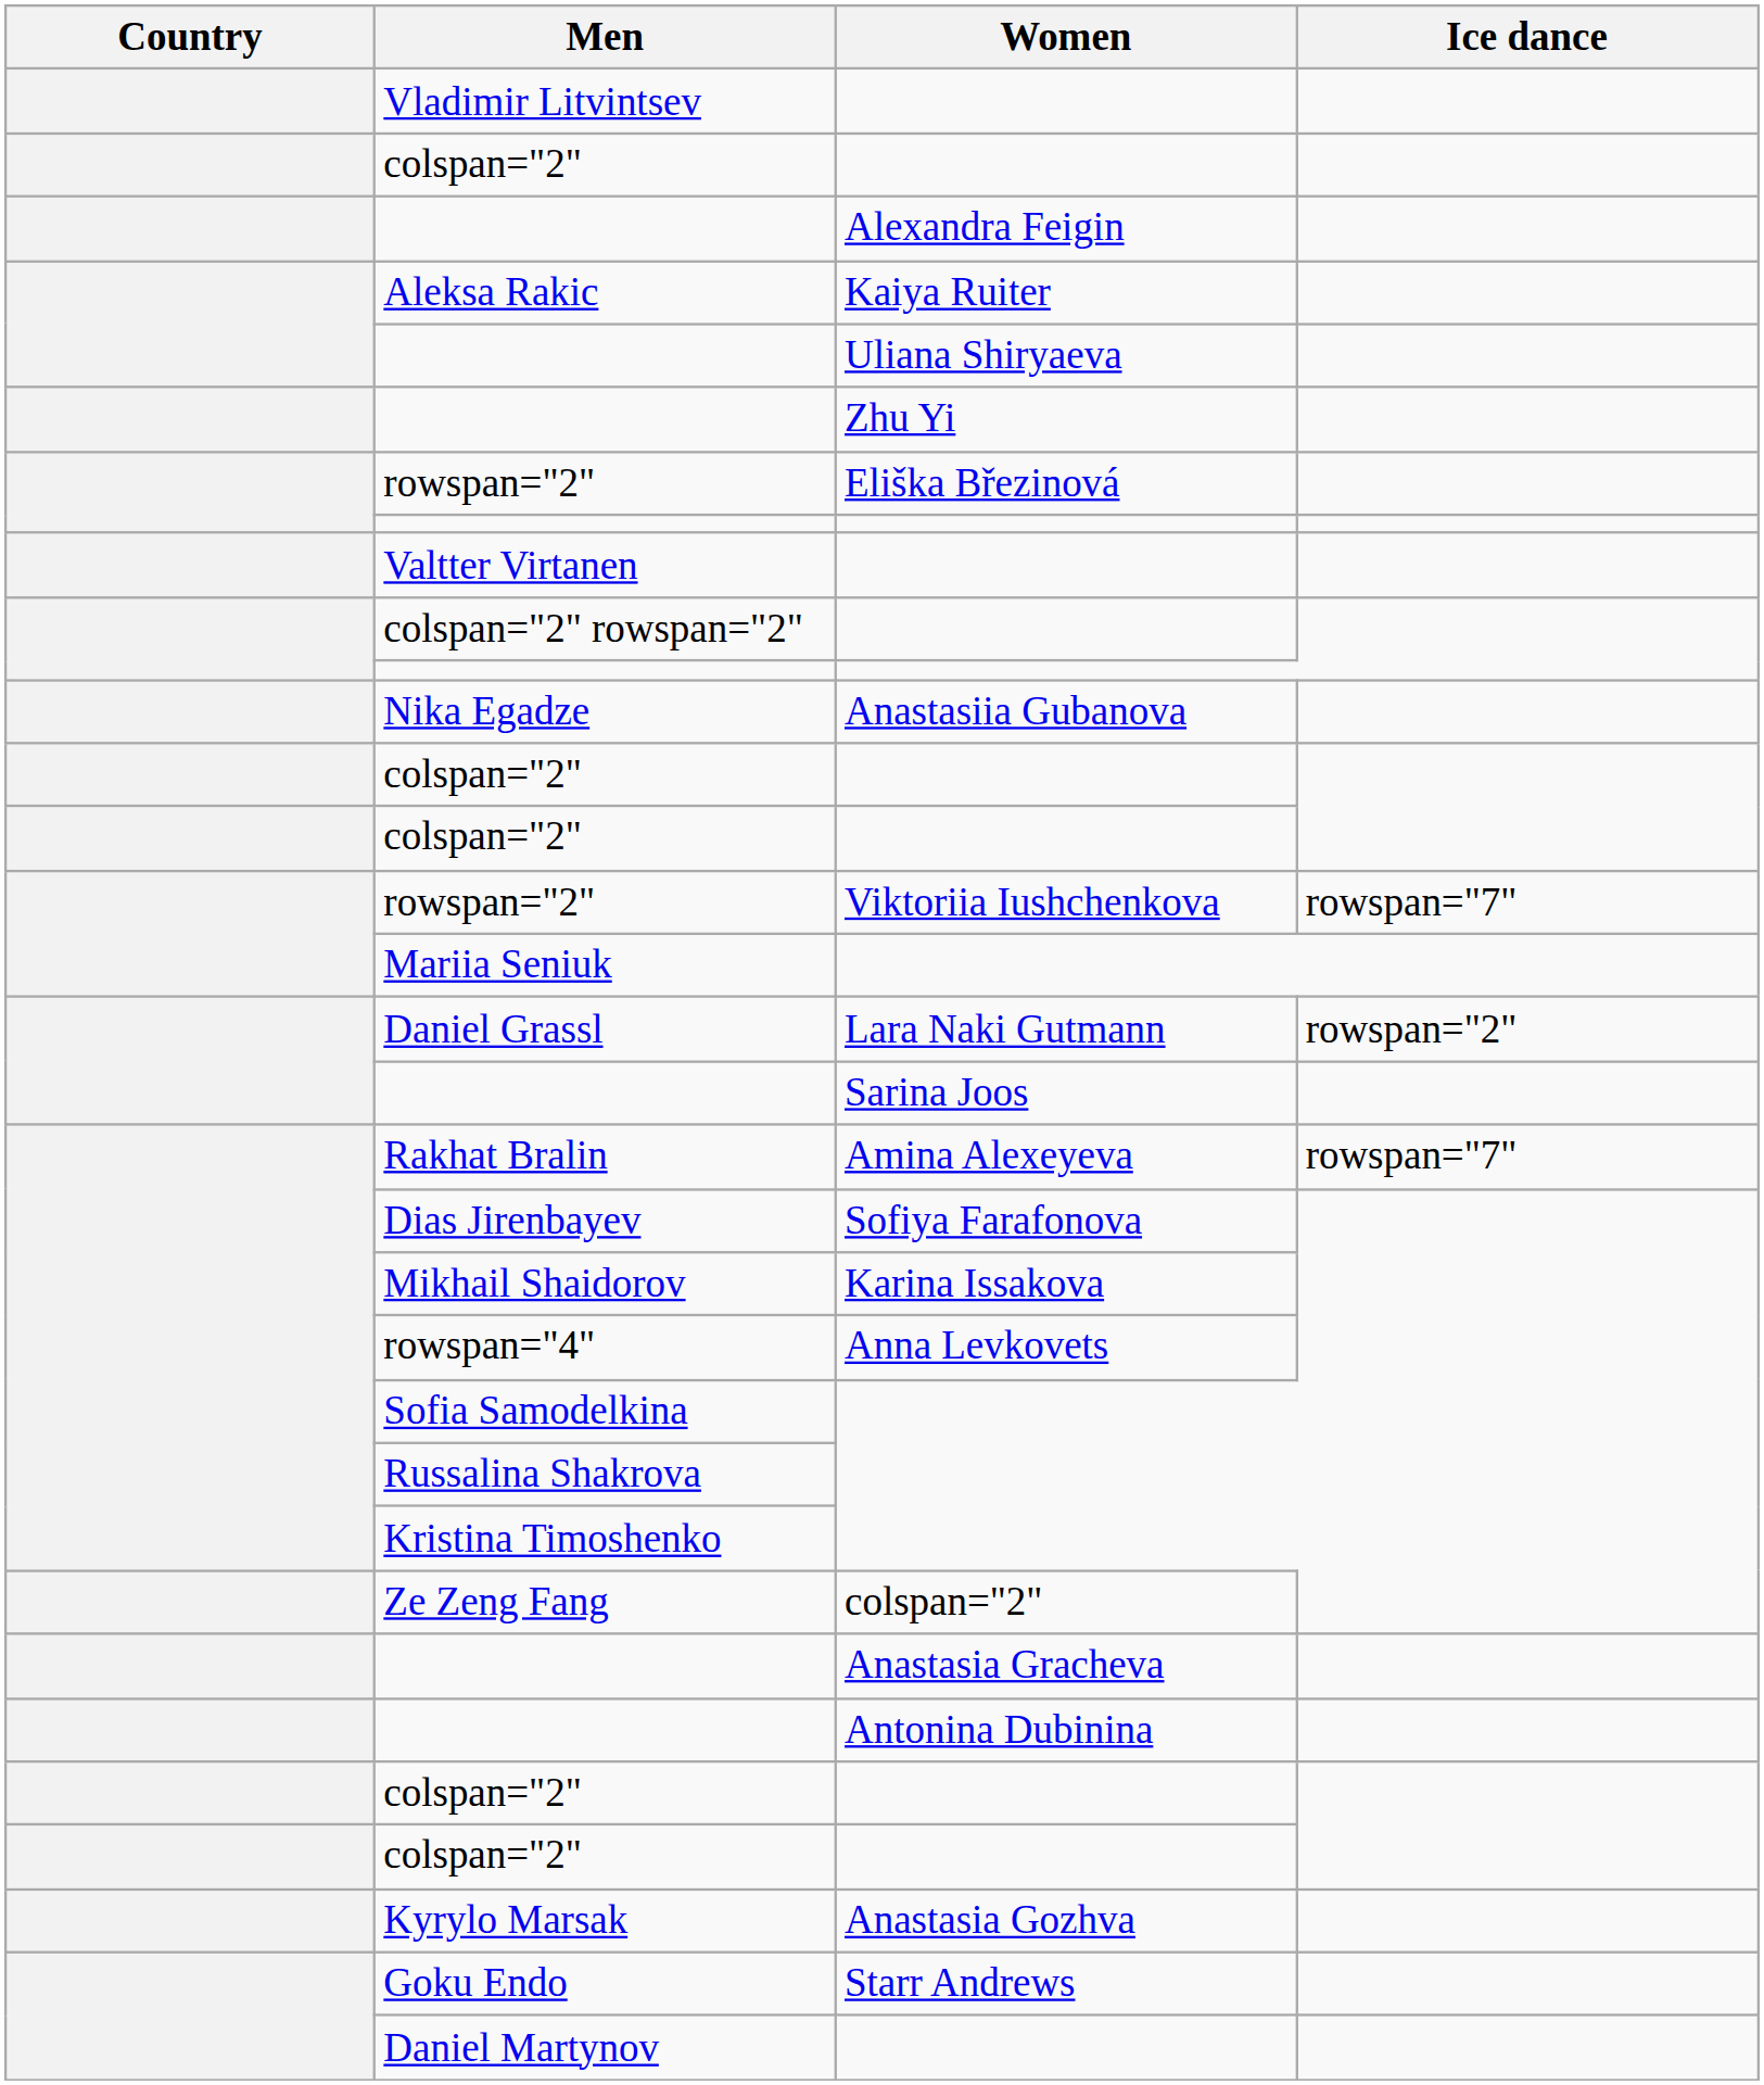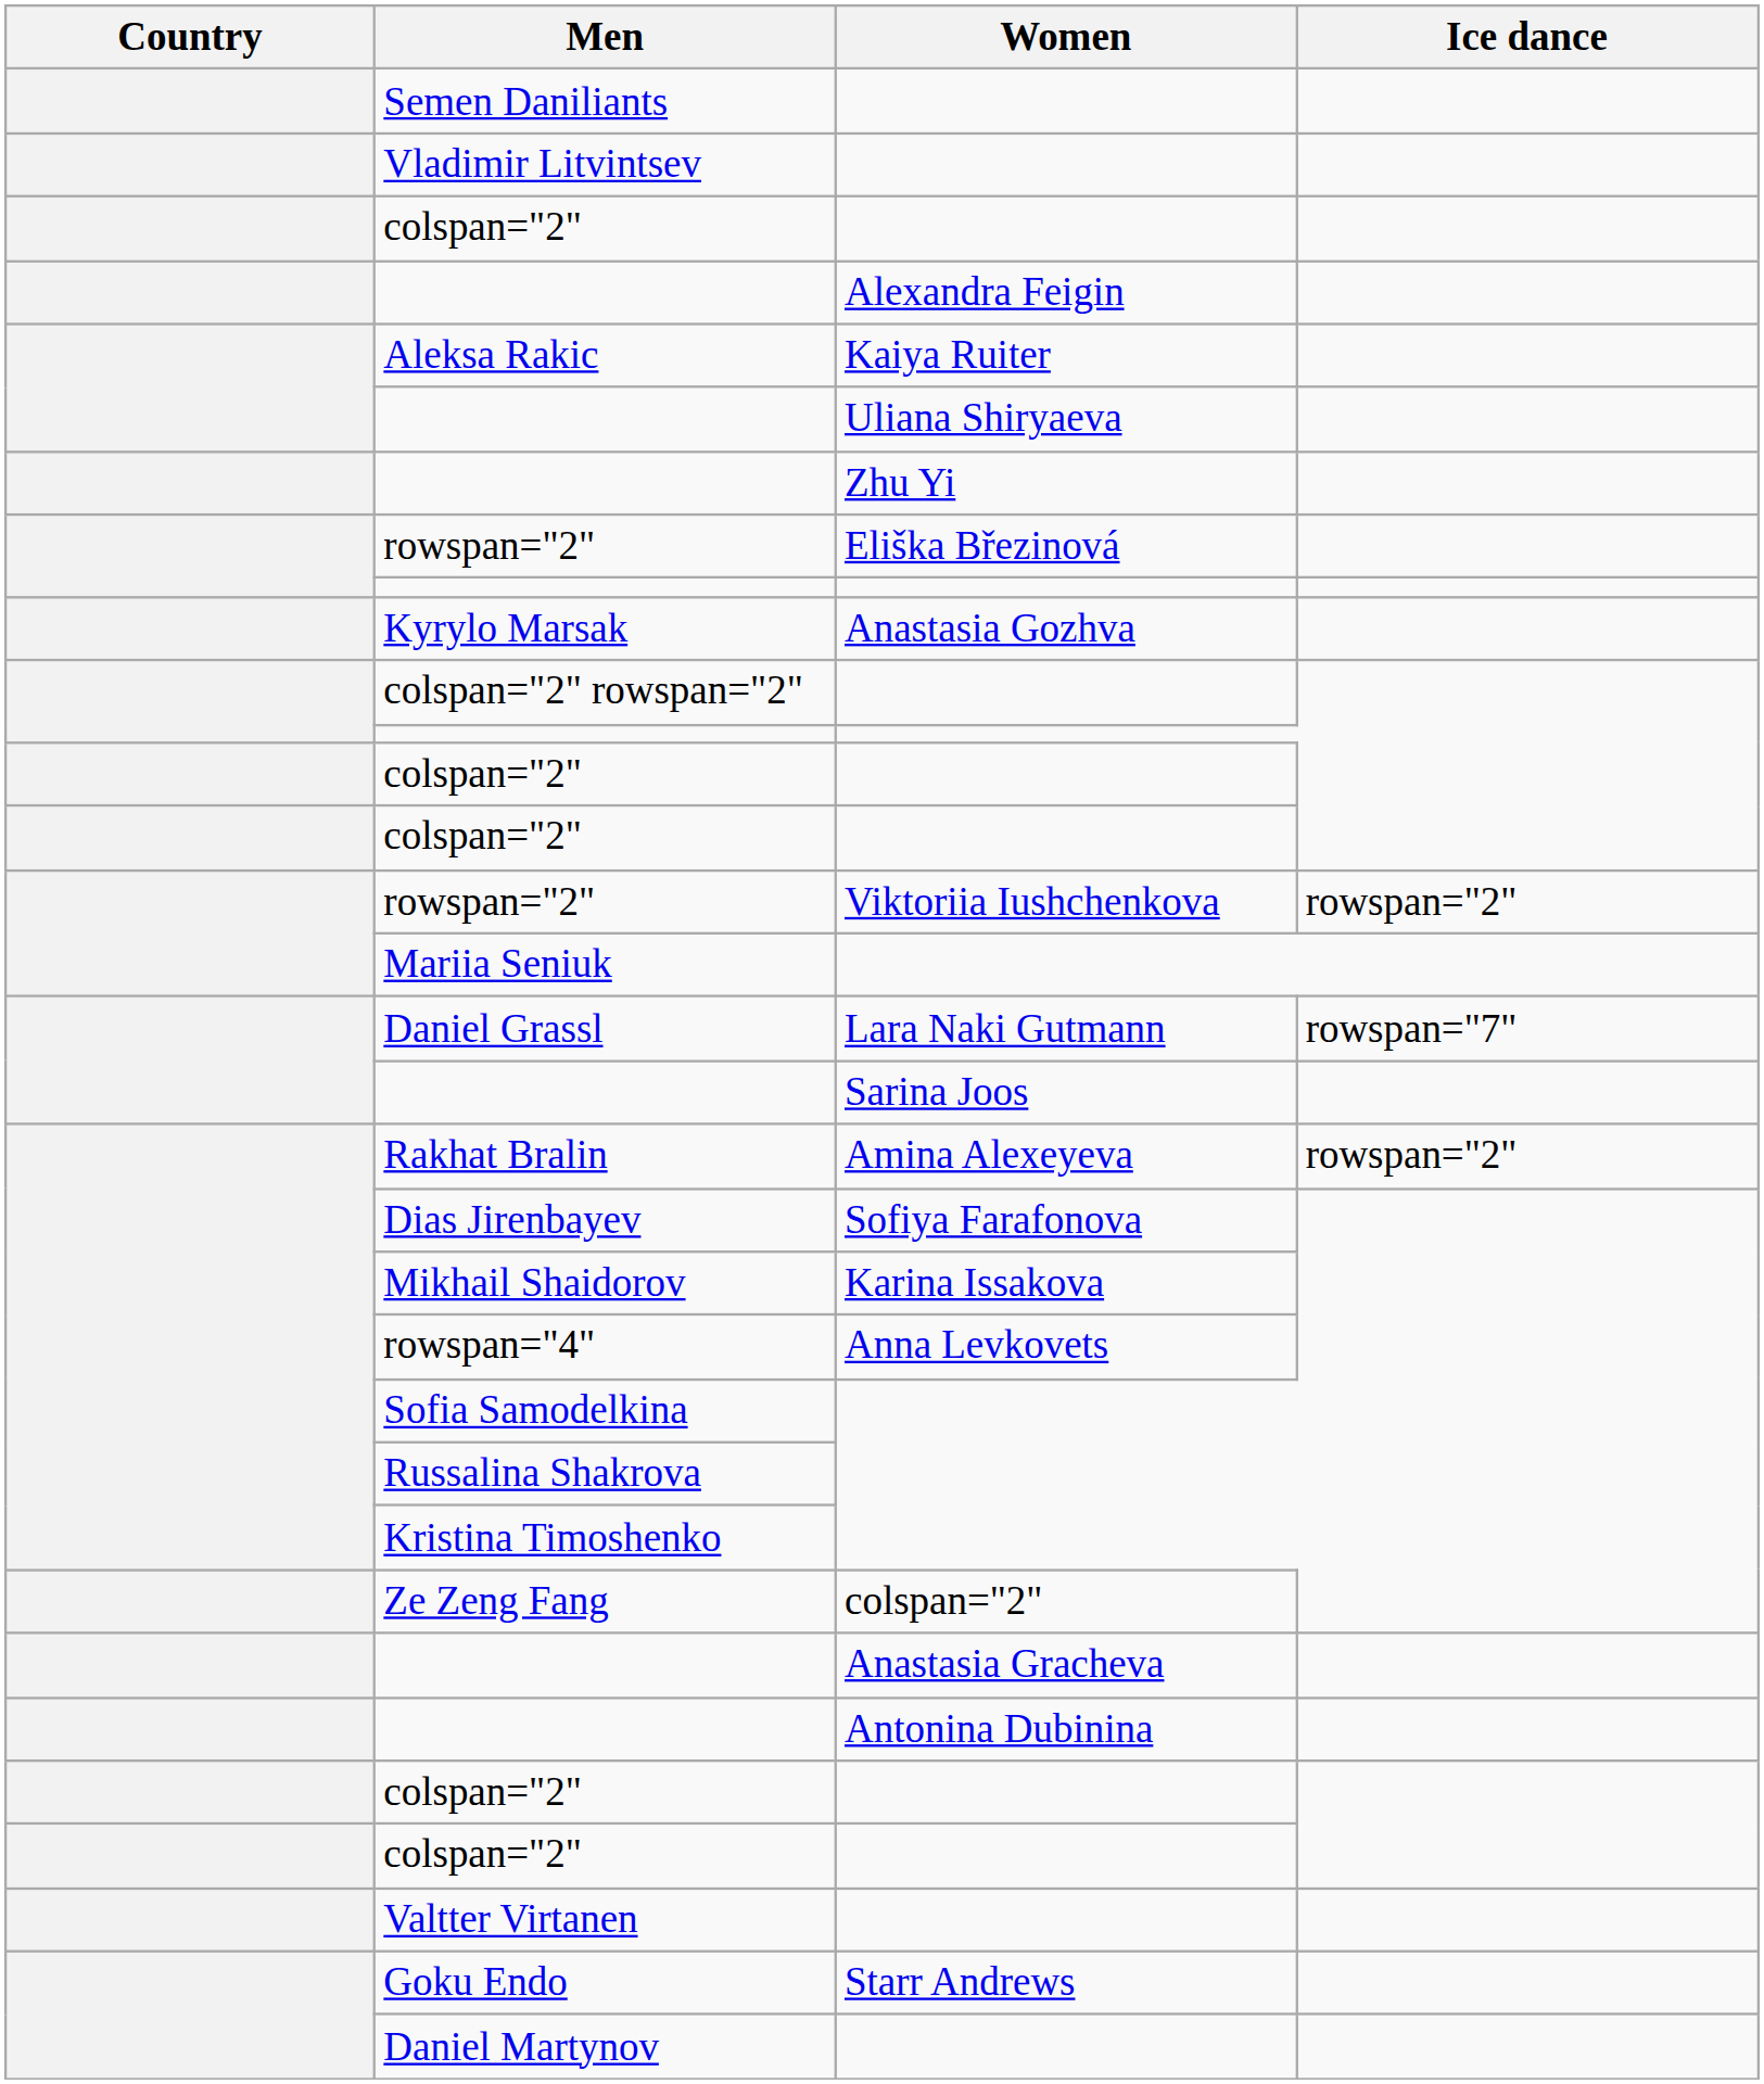 <table class="wikitable unsortable" style="text-align:left">
 <tr>
 <th scope="col" style="width:20%">Country</th>
 <th scope="col" style="width:25%">Men</th>
 <th scope="col" style="width:25%">Women</th>
 <th scope="col" style="width:25%">Ice dance</th>
+</tr>
+<tr>
+<th scope="row" style="text-align:left"></th>
+<td><a href='#'>Semen Daniliants</a></td>
+<td></td>
+<td></td>
 </tr>
 <tr>
 <th scope="row" style="text-align:left"></th>
 <td><a href='#'>Vladimir Litvintsev</a></td>
 <td></td>
 <td></td>
 </tr>
 <tr>
 <th scope="row" style="text-align:left"></th>
 <td>colspan="2" </td>
 <td></td>
 </tr>
 <tr>
 <th scope="row" style="text-align:left"></th>
 <td></td>
 <td><a href='#'>Alexandra Feigin</a></td>
 <td></td>
 </tr>
 <tr>
 <th rowspan="2" scope="row" style="text-align:left"></th>
 <td><a href='#'>Aleksa Rakic</a></td>
 <td><a href='#'>Kaiya Ruiter</a></td>
 <td></td>
 </tr>
 <tr>
 <td></td>
 <td><a href='#'>Uliana Shiryaeva</a></td>
 <td></td>
 </tr>
 <tr>
 <th scope="row" style="text-align:left"></th>
 <td></td>
 <td><a href='#'>Zhu Yi</a></td>
 <td></td>
 </tr>
 <tr>
 <th rowspan="2" scope="row" style="text-align:left"></th>
 <td>rowspan="2" </td>
 <td><a href='#'>Eliška Březinová</a></td>
 <td></td>
 </tr>
 <tr>
 <td></td>
 <td></td>
 </tr>
 <tr>
 <th scope="row" style="text-align:left"></th>
-<td><a href='#'>Valtter Virtanen</a></td>
-<td></td>
+<td><a href='#'>Kyrylo Marsak</a></td>
+<td><a href='#'>Anastasia Gozhva</a></td>
 <td></td>
 </tr>
 <tr>
 <th scope="row" style="text-align:left" rowspan="2"></th>
 <td>colspan="2" rowspan="2" </td>
 <td></td>
 </tr>
 <tr>
-<td></td>
-</tr>
-<tr>
-<th scope="row" style="text-align:left"></th>
-<td><a href='#'>Nika Egadze</a></td>
-<td><a href='#'>Anastasiia Gubanova</a></td>
 <td></td>
 </tr>
 <tr>
 <th scope="row" style="text-align:left"></th>
 <td>colspan="2" </td>
 <td></td>
 </tr>
 <tr>
 <th scope="row" style="text-align:left"></th>
 <td>colspan="2" </td>
 <td></td>
 </tr>
 <tr>
 <th rowspan="2" scope="row" style="text-align:left"></th>
 <td>rowspan="2" </td>
 <td><a href='#'>Viktoriia Iushchenkova</a></td>
-<td>rowspan="7" </td>
+<td>rowspan="2" </td>
 </tr>
 <tr>
 <td><a href='#'>Mariia Seniuk</a></td>
 </tr>
 <tr>
 <th rowspan="2" scope="row" style="text-align:left"></th>
 <td><a href='#'>Daniel Grassl</a></td>
 <td><a href='#'>Lara Naki Gutmann</a></td>
-<td>rowspan="2" </td>
+<td>rowspan="7" </td>
 </tr>
 <tr>
 <td></td>
 <td><a href='#'>Sarina Joos</a></td>
 </tr>
 <tr>
 <th rowspan="7" scope="row" style="text-align:left"></th>
 <td><a href='#'>Rakhat Bralin</a></td>
 <td><a href='#'>Amina Alexeyeva</a></td>
-<td>rowspan="7" </td>
+<td>rowspan="2" </td>
 </tr>
 <tr>
 <td><a href='#'>Dias Jirenbayev</a></td>
 <td><a href='#'>Sofiya Farafonova</a></td>
 </tr>
 <tr>
 <td><a href='#'>Mikhail Shaidorov</a></td>
 <td><a href='#'>Karina Issakova</a></td>
 </tr>
 <tr>
 <td>rowspan="4" </td>
 <td><a href='#'>Anna Levkovets</a></td>
 </tr>
 <tr>
 <td><a href='#'>Sofia Samodelkina</a></td>
 </tr>
 <tr>
 <td><a href='#'>Russalina Shakrova</a></td>
 </tr>
 <tr>
 <td><a href='#'>Kristina Timoshenko</a></td>
 </tr>
 <tr>
 <th scope="row" style="text-align:left"></th>
 <td><a href='#'>Ze Zeng Fang</a></td>
 <td>colspan="2" </td>
 </tr>
 <tr>
 <th scope="row" style="text-align:left"></th>
 <td></td>
 <td><a href='#'>Anastasia Gracheva</a></td>
 <td></td>
 </tr>
 <tr>
 <th scope="row" style="text-align:left"></th>
 <td></td>
 <td><a href='#'>Antonina Dubinina</a></td>
 <td></td>
 </tr>
 <tr>
 <th scope="row" style="text-align:left"></th>
 <td>colspan="2" </td>
 <td></td>
 </tr>
 <tr>
 <th scope="row" style="text-align:left"></th>
 <td>colspan="2" </td>
 <td></td>
 </tr>
 <tr>
 <th scope="row" style="text-align:left"></th>
-<td><a href='#'>Kyrylo Marsak</a></td>
-<td><a href='#'>Anastasia Gozhva</a></td>
+<td><a href='#'>Valtter Virtanen</a></td>
+<td></td>
 <td></td>
 </tr>
 <tr>
 <th rowspan="2" scope="row" style="text-align:left"></th>
 <td><a href='#'>Goku Endo</a></td>
 <td><a href='#'>Starr Andrews</a></td>
 <td></td>
 </tr>
 <tr>
 <td><a href='#'>Daniel Martynov</a></td>
 <td></td>
 <td></td>
 </tr>
 </table>
